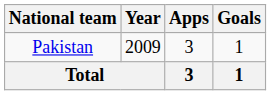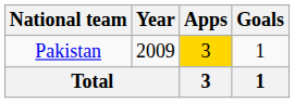 <table class="wikitable" style="text-align:center">
 <tr>
 <th>National team</th>
 <th>Year</th>
 <th>Apps</th>
 <th>Goals</th>
 </tr>
 <tr>
 <td><a href='#'>Pakistan</a></td>
 <td>2009</td>
-<td>3</td>
+<td style="background: gold;">3</td>
 <td>1</td>
 </tr>
 <tr>
 <th colspan="2">Total</th>
 <th>3</th>
 <th>1</th>
 </tr>
 </table>
